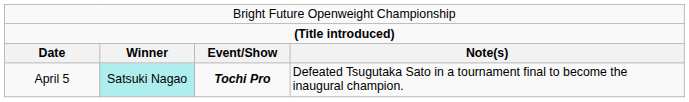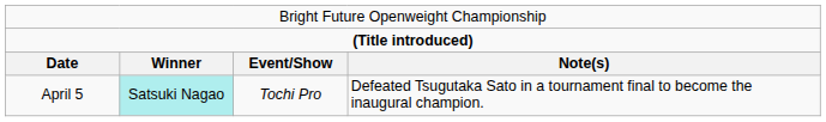 <table class="wikitable" style="text-align:center; width:100%;">
 <tr>
 <td colspan="4" style="text-align: center;">Bright Future Openweight Championship</td>
 </tr>
 <tr>
 <td colspan="4" style="text-align: center;"><strong>(Title introduced)</strong></td>
 </tr>
 <tr>
 <th width="14%">Date</th>
 <th width="14%">Winner</th>
 <th width="14%">Event/Show</th>
 <th width="58%">Note(s)</th>
 </tr>
 <tr>
 <td>April 5</td>
 <td style="background: paleturquoise;">Satsuki Nagao</td>
-<td><strong><em>Tochi Pro</em></strong></td>
+<td><em>Tochi Pro</em></td>
 <td align=left>Defeated Tsugutaka Sato in a tournament final to become the inaugural champion.</td>
 </tr>
 </table>
